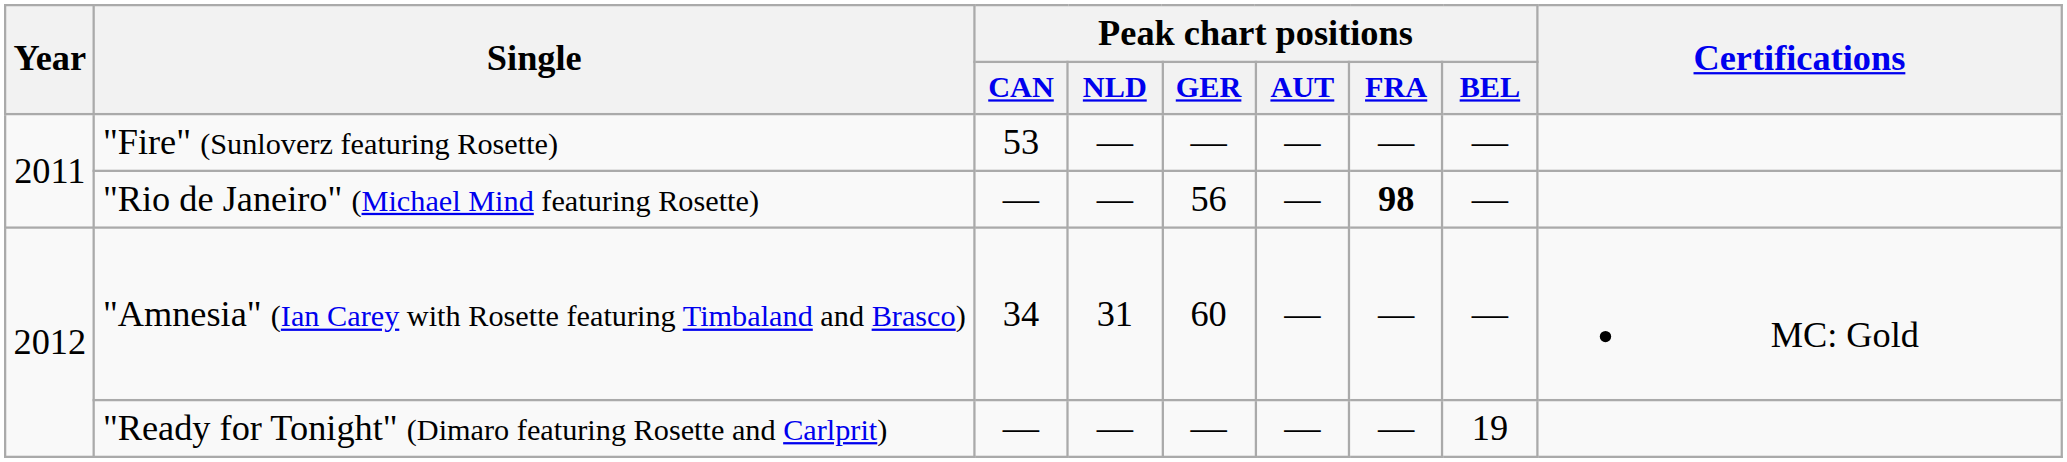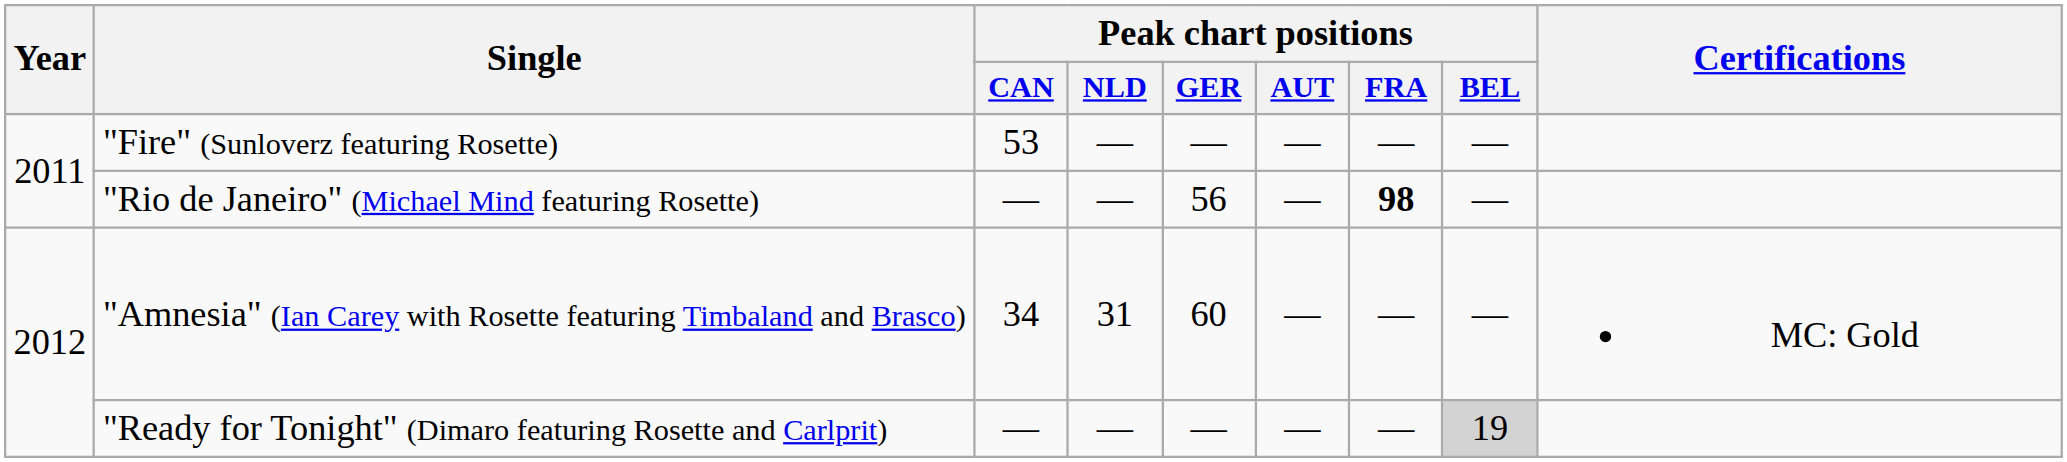 <table class="wikitable" style="text-align:center;">
 <tr>
 <th rowspan="2">Year</th>
 <th rowspan="2">Single</th>
 <th colspan="6">Peak chart positions</th>
 <th rowspan="2" style="width:14em;"><a href='#'>Certifications</a></th>
 </tr>
 <tr style="font-size:smaller;">
 <th style="width:35px;"><a href='#'>CAN</a><br></th>
 <th style="width:35px;"><a href='#'>NLD</a><br></th>
 <th style="width:35px;"><a href='#'>GER</a><br></th>
 <th style="width:35px;"><a href='#'>AUT</a><br></th>
 <th style="width:35px;"><a href='#'>FRA</a><br></th>
 <th style="width:35px;"><a href='#'>BEL</a><br></th>
 </tr>
 <tr>
 <td rowspan=2>2011</td>
 <td style="text-align:left;">"Fire" <small>(Sunloverz featuring Rosette)</small> <br></td>
 <td>53</td>
 <td>—</td>
 <td>—</td>
 <td>—</td>
 <td>—</td>
 <td>—</td>
 <td></td>
 </tr>
 <tr>
 <td style="text-align:left;">"Rio de Janeiro" <small>(<a href='#'>Michael Mind</a> featuring Rosette)</small> <br></td>
 <td>—</td>
 <td>—</td>
 <td>56</td>
 <td>—</td>
 <td><strong>98</strong></td>
 <td>—</td>
 <td></td>
 </tr>
 <tr>
 <td rowspan=2>2012</td>
 <td style="text-align:left;">"Amnesia" <small>(<a href='#'>Ian Carey</a> with Rosette featuring <a href='#'>Timbaland</a> and <a href='#'>Brasco</a>)</small> <br></td>
 <td>34</td>
 <td>31</td>
 <td>60</td>
 <td>—</td>
 <td>—</td>
 <td>—</td>
 <td><br><ul><li>MC: Gold</li></ul></td>
 </tr>
 <tr>
 <td style="text-align:left;">"Ready for Tonight" <small>(Dimaro featuring Rosette and <a href='#'>Carlprit</a>)</small> <br></td>
 <td>—</td>
 <td>—</td>
 <td>—</td>
 <td>—</td>
 <td>—</td>
-<td>19</td>
+<td style="background: lightgrey;">19</td>
 <td></td>
 </tr>
 </table>
